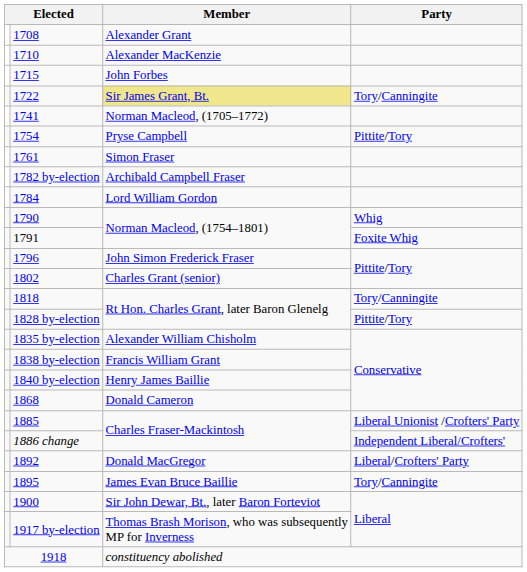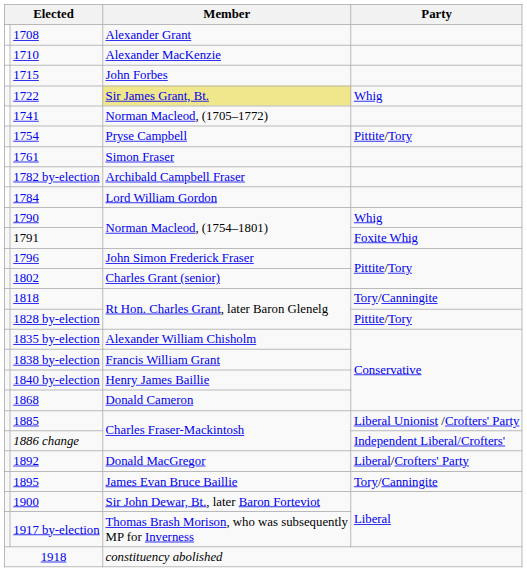 <table class="wikitable">
 <tr>
 <th colspan="2">Elected</th>
 <th>Member</th>
 <th>Party</th>
 </tr>
 <tr>
 <td style="color:inherit;background-color: white"></td>
 <td><a href='#'>1708</a></td>
 <td><a href='#'>Alexander Grant</a></td>
 <td></td>
 </tr>
 <tr>
 <td style="color:inherit;background-color: white"></td>
 <td><a href='#'>1710</a></td>
 <td><a href='#'>Alexander MacKenzie</a></td>
 <td></td>
 </tr>
 <tr>
 <td style="color:inherit;background-color: white"></td>
 <td><a href='#'>1715</a></td>
 <td><a href='#'>John Forbes</a></td>
 <td></td>
 </tr>
 <tr>
 <td style="color:inherit;background-color: "></td>
 <td><a href='#'>1722</a></td>
 <td style="background: khaki;"><a href='#'>Sir James Grant, Bt.</a></td>
-<td><a href='#'>Tory</a>/<a href='#'>Canningite</a></td>
+<td><a href='#'>Whig</a></td>
 </tr>
 <tr>
 <td style="color:inherit;background-color: white"></td>
 <td><a href='#'>1741</a></td>
 <td><a href='#'>Norman Macleod</a>, (1705–1772)</td>
 <td></td>
 </tr>
 <tr>
 <td style="color:inherit;background-color: "></td>
 <td><a href='#'>1754</a></td>
 <td><a href='#'>Pryse Campbell</a></td>
 <td><a href='#'>Pittite</a>/<a href='#'>Tory</a></td>
 </tr>
 <tr>
 <td style="color:inherit;background-color: white"></td>
 <td><a href='#'>1761</a></td>
 <td><a href='#'>Simon Fraser</a></td>
 <td></td>
 </tr>
 <tr>
 <td style="color:inherit;background-color: white"></td>
 <td><a href='#'>1782 by-election</a></td>
 <td><a href='#'>Archibald Campbell Fraser</a></td>
 <td></td>
 </tr>
 <tr>
 <td style="color:inherit;background-color: white"></td>
 <td><a href='#'>1784</a></td>
 <td><a href='#'>Lord William Gordon</a> </td>
 <td></td>
 </tr>
 <tr>
 <td style="color:inherit;background-color: "></td>
 <td><a href='#'>1790</a></td>
 <td rowspan="2"><a href='#'>Norman Macleod</a>, (1754–1801)</td>
 <td><a href='#'>Whig</a></td>
 </tr>
 <tr>
 <td style="color:inherit;background-color: "></td>
 <td>1791</td>
 <td><a href='#'>Foxite Whig</a></td>
 </tr>
 <tr>
 <td style="color:inherit;background-color: "></td>
 <td><a href='#'>1796</a></td>
 <td><a href='#'>John Simon Frederick Fraser</a></td>
 <td rowspan="2"><a href='#'>Pittite</a>/<a href='#'>Tory</a></td>
 </tr>
 <tr>
 <td style="color:inherit;background-color: "></td>
 <td><a href='#'>1802</a></td>
 <td><a href='#'>Charles Grant (senior)</a></td>
 </tr>
 <tr>
 <td style="color:inherit;background-color: "></td>
 <td><a href='#'>1818</a></td>
 <td rowspan="2"><a href='#'>Rt Hon. Charles Grant</a>, later Baron Glenelg</td>
 <td><a href='#'>Tory</a>/<a href='#'>Canningite</a></td>
 </tr>
 <tr>
 <td style="color:inherit;background-color: "></td>
 <td><a href='#'>1828 by-election</a></td>
 <td><a href='#'>Pittite</a>/<a href='#'>Tory</a></td>
 </tr>
 <tr>
 <td style="color:inherit;background-color: "></td>
 <td><a href='#'>1835 by-election</a></td>
 <td><a href='#'>Alexander William Chisholm</a></td>
 <td rowspan="4"><a href='#'>Conservative</a></td>
 </tr>
 <tr>
 <td style="color:inherit;background-color: "></td>
 <td><a href='#'>1838 by-election</a></td>
 <td><a href='#'>Francis William Grant</a></td>
 </tr>
 <tr>
 <td style="color:inherit;background-color: "></td>
 <td><a href='#'>1840 by-election</a></td>
 <td><a href='#'>Henry James Baillie</a></td>
 </tr>
 <tr>
 <td style="color:inherit;background-color: "></td>
 <td><a href='#'>1868</a></td>
 <td><a href='#'>Donald Cameron</a></td>
 </tr>
 <tr>
 <td style="color:inherit;background-color: "></td>
 <td><a href='#'>1885</a></td>
 <td rowspan="2"><a href='#'>Charles Fraser-Mackintosh</a></td>
 <td><a href='#'>Liberal Unionist</a> /<a href='#'>Crofters' Party</a></td>
 </tr>
 <tr>
 <td style="color:inherit;background-color: "></td>
 <td><em>1886 change</em></td>
 <td><a href='#'>Independent Liberal/Crofters'</a></td>
 </tr>
 <tr>
 <td style="color:inherit;background-color: "></td>
 <td><a href='#'>1892</a></td>
 <td><a href='#'>Donald MacGregor</a></td>
 <td><a href='#'>Liberal</a>/<a href='#'>Crofters' Party</a></td>
 </tr>
 <tr>
 <td style="color:inherit;background-color: "></td>
 <td><a href='#'>1895</a></td>
 <td><a href='#'>James Evan Bruce Baillie</a></td>
 <td><a href='#'>Tory</a>/<a href='#'>Canningite</a></td>
 </tr>
 <tr>
 <td style="color:inherit;background-color: "></td>
 <td><a href='#'>1900</a></td>
 <td><a href='#'>Sir John Dewar, Bt.</a>, later <a href='#'>Baron Forteviot</a></td>
 <td rowspan="2"><a href='#'>Liberal</a></td>
 </tr>
 <tr>
 <td style="color:inherit;background-color: "></td>
 <td><a href='#'>1917 by-election</a></td>
 <td><a href='#'>Thomas Brash Morison</a>, who was subsequently<br>MP for <a href='#'>Inverness</a></td>
 </tr>
 <tr>
 <td colspan="2" align="center"><a href='#'>1918</a></td>
 <td colspan="2"><em>constituency abolished</em></td>
 </tr>
 </table>
